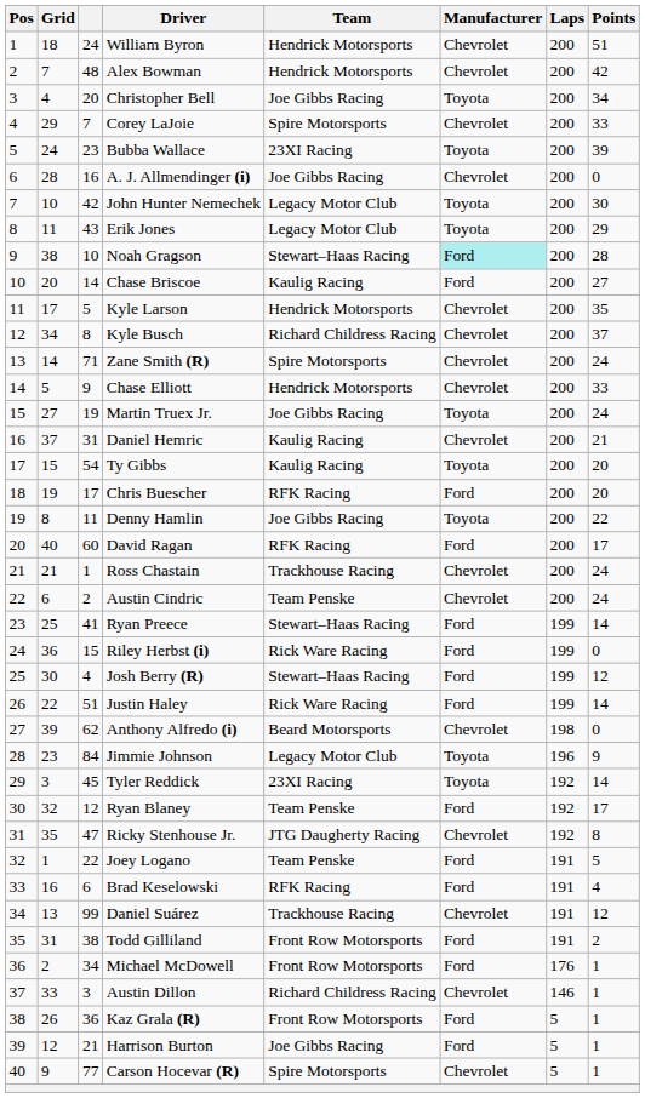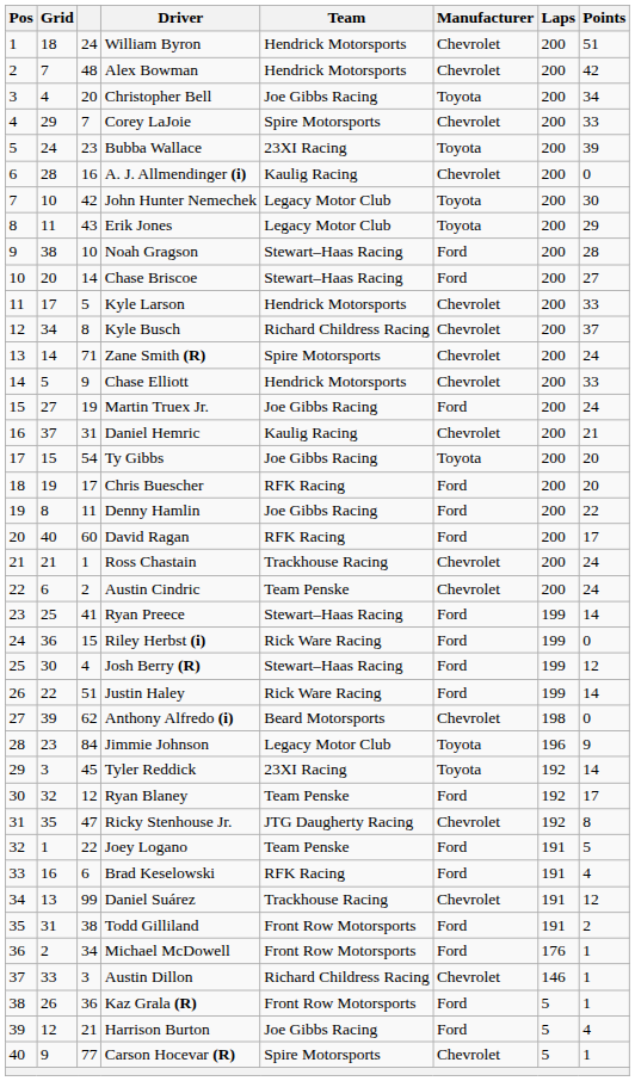 <table class="wikitable" style="font-size:98%">
 <tr>
 <th>Pos</th>
 <th>Grid</th>
 <th></th>
 <th>Driver</th>
 <th>Team</th>
 <th>Manufacturer</th>
 <th>Laps</th>
 <th>Points</th>
 </tr>
 <tr>
 <td>1</td>
 <td>18</td>
 <td>24</td>
 <td>William Byron</td>
 <td>Hendrick Motorsports</td>
 <td>Chevrolet</td>
 <td>200</td>
 <td>51</td>
 </tr>
 <tr>
 <td>2</td>
 <td>7</td>
 <td>48</td>
 <td>Alex Bowman</td>
 <td>Hendrick Motorsports</td>
 <td>Chevrolet</td>
 <td>200</td>
 <td>42</td>
 </tr>
 <tr>
 <td>3</td>
 <td>4</td>
 <td>20</td>
 <td>Christopher Bell</td>
 <td>Joe Gibbs Racing</td>
 <td>Toyota</td>
 <td>200</td>
 <td>34</td>
 </tr>
 <tr>
 <td>4</td>
 <td>29</td>
 <td>7</td>
 <td>Corey LaJoie</td>
 <td>Spire Motorsports</td>
 <td>Chevrolet</td>
 <td>200</td>
 <td>33</td>
 </tr>
 <tr>
 <td>5</td>
 <td>24</td>
 <td>23</td>
 <td>Bubba Wallace</td>
 <td>23XI Racing</td>
 <td>Toyota</td>
 <td>200</td>
 <td>39</td>
 </tr>
 <tr>
 <td>6</td>
 <td>28</td>
 <td>16</td>
 <td>A. J. Allmendinger <strong>(i)</strong></td>
-<td>Joe Gibbs Racing</td>
+<td>Kaulig Racing</td>
 <td>Chevrolet</td>
 <td>200</td>
 <td>0</td>
 </tr>
 <tr>
 <td>7</td>
 <td>10</td>
 <td>42</td>
 <td>John Hunter Nemechek</td>
 <td>Legacy Motor Club</td>
 <td>Toyota</td>
 <td>200</td>
 <td>30</td>
 </tr>
 <tr>
 <td>8</td>
 <td>11</td>
 <td>43</td>
 <td>Erik Jones</td>
 <td>Legacy Motor Club</td>
 <td>Toyota</td>
 <td>200</td>
 <td>29</td>
 </tr>
 <tr>
 <td>9</td>
 <td>38</td>
 <td>10</td>
 <td>Noah Gragson</td>
 <td>Stewart–Haas Racing</td>
-<td style="background: paleturquoise;">Ford</td>
+<td>Ford</td>
 <td>200</td>
 <td>28</td>
 </tr>
 <tr>
 <td>10</td>
 <td>20</td>
 <td>14</td>
 <td>Chase Briscoe</td>
-<td>Kaulig Racing</td>
+<td>Stewart–Haas Racing</td>
 <td>Ford</td>
 <td>200</td>
 <td>27</td>
 </tr>
 <tr>
 <td>11</td>
 <td>17</td>
 <td>5</td>
 <td>Kyle Larson</td>
 <td>Hendrick Motorsports</td>
 <td>Chevrolet</td>
 <td>200</td>
-<td>35</td>
+<td>33</td>
 </tr>
 <tr>
 <td>12</td>
 <td>34</td>
 <td>8</td>
 <td>Kyle Busch</td>
 <td>Richard Childress Racing</td>
 <td>Chevrolet</td>
 <td>200</td>
 <td>37</td>
 </tr>
 <tr>
 <td>13</td>
 <td>14</td>
 <td>71</td>
 <td>Zane Smith <strong>(R)</strong></td>
 <td>Spire Motorsports</td>
 <td>Chevrolet</td>
 <td>200</td>
 <td>24</td>
 </tr>
 <tr>
 <td>14</td>
 <td>5</td>
 <td>9</td>
 <td>Chase Elliott</td>
 <td>Hendrick Motorsports</td>
 <td>Chevrolet</td>
 <td>200</td>
 <td>33</td>
 </tr>
 <tr>
 <td>15</td>
 <td>27</td>
 <td>19</td>
 <td>Martin Truex Jr.</td>
 <td>Joe Gibbs Racing</td>
-<td>Toyota</td>
+<td>Ford</td>
 <td>200</td>
 <td>24</td>
 </tr>
 <tr>
 <td>16</td>
 <td>37</td>
 <td>31</td>
 <td>Daniel Hemric</td>
 <td>Kaulig Racing</td>
 <td>Chevrolet</td>
 <td>200</td>
 <td>21</td>
 </tr>
 <tr>
 <td>17</td>
 <td>15</td>
 <td>54</td>
 <td>Ty Gibbs</td>
-<td>Kaulig Racing</td>
+<td>Joe Gibbs Racing</td>
 <td>Toyota</td>
 <td>200</td>
 <td>20</td>
 </tr>
 <tr>
 <td>18</td>
 <td>19</td>
 <td>17</td>
 <td>Chris Buescher</td>
 <td>RFK Racing</td>
 <td>Ford</td>
 <td>200</td>
 <td>20</td>
 </tr>
 <tr>
 <td>19</td>
 <td>8</td>
 <td>11</td>
 <td>Denny Hamlin</td>
 <td>Joe Gibbs Racing</td>
-<td>Toyota</td>
+<td>Ford</td>
 <td>200</td>
 <td>22</td>
 </tr>
 <tr>
 <td>20</td>
 <td>40</td>
 <td>60</td>
 <td>David Ragan</td>
 <td>RFK Racing</td>
 <td>Ford</td>
 <td>200</td>
 <td>17</td>
 </tr>
 <tr>
 <td>21</td>
 <td>21</td>
 <td>1</td>
 <td>Ross Chastain</td>
 <td>Trackhouse Racing</td>
 <td>Chevrolet</td>
 <td>200</td>
 <td>24</td>
 </tr>
 <tr>
 <td>22</td>
 <td>6</td>
 <td>2</td>
 <td>Austin Cindric</td>
 <td>Team Penske</td>
 <td>Chevrolet</td>
 <td>200</td>
 <td>24</td>
 </tr>
 <tr>
 <td>23</td>
 <td>25</td>
 <td>41</td>
 <td>Ryan Preece</td>
 <td>Stewart–Haas Racing</td>
 <td>Ford</td>
 <td>199</td>
 <td>14</td>
 </tr>
 <tr>
 <td>24</td>
 <td>36</td>
 <td>15</td>
 <td>Riley Herbst <strong>(i)</strong></td>
 <td>Rick Ware Racing</td>
 <td>Ford</td>
 <td>199</td>
 <td>0</td>
 </tr>
 <tr>
 <td>25</td>
 <td>30</td>
 <td>4</td>
 <td>Josh Berry <strong>(R)</strong></td>
 <td>Stewart–Haas Racing</td>
 <td>Ford</td>
 <td>199</td>
 <td>12</td>
 </tr>
 <tr>
 <td>26</td>
 <td>22</td>
 <td>51</td>
 <td>Justin Haley</td>
 <td>Rick Ware Racing</td>
 <td>Ford</td>
 <td>199</td>
 <td>14</td>
 </tr>
 <tr>
 <td>27</td>
 <td>39</td>
 <td>62</td>
 <td>Anthony Alfredo <strong>(i)</strong></td>
 <td>Beard Motorsports</td>
 <td>Chevrolet</td>
 <td>198</td>
 <td>0</td>
 </tr>
 <tr>
 <td>28</td>
 <td>23</td>
 <td>84</td>
 <td>Jimmie Johnson</td>
 <td>Legacy Motor Club</td>
 <td>Toyota</td>
 <td>196</td>
 <td>9</td>
 </tr>
 <tr>
 <td>29</td>
 <td>3</td>
 <td>45</td>
 <td>Tyler Reddick</td>
 <td>23XI Racing</td>
 <td>Toyota</td>
 <td>192</td>
 <td>14</td>
 </tr>
 <tr>
 <td>30</td>
 <td>32</td>
 <td>12</td>
 <td>Ryan Blaney</td>
 <td>Team Penske</td>
 <td>Ford</td>
 <td>192</td>
 <td>17</td>
 </tr>
 <tr>
 <td>31</td>
 <td>35</td>
 <td>47</td>
 <td>Ricky Stenhouse Jr.</td>
 <td>JTG Daugherty Racing</td>
 <td>Chevrolet</td>
 <td>192</td>
 <td>8</td>
 </tr>
 <tr>
 <td>32</td>
 <td>1</td>
 <td>22</td>
 <td>Joey Logano</td>
 <td>Team Penske</td>
 <td>Ford</td>
 <td>191</td>
 <td>5</td>
 </tr>
 <tr>
 <td>33</td>
 <td>16</td>
 <td>6</td>
 <td>Brad Keselowski</td>
 <td>RFK Racing</td>
 <td>Ford</td>
 <td>191</td>
 <td>4</td>
 </tr>
 <tr>
 <td>34</td>
 <td>13</td>
 <td>99</td>
 <td>Daniel Suárez</td>
 <td>Trackhouse Racing</td>
 <td>Chevrolet</td>
 <td>191</td>
 <td>12</td>
 </tr>
 <tr>
 <td>35</td>
 <td>31</td>
 <td>38</td>
 <td>Todd Gilliland</td>
 <td>Front Row Motorsports</td>
 <td>Ford</td>
 <td>191</td>
 <td>2</td>
 </tr>
 <tr>
 <td>36</td>
 <td>2</td>
 <td>34</td>
 <td>Michael McDowell</td>
 <td>Front Row Motorsports</td>
 <td>Ford</td>
 <td>176</td>
 <td>1</td>
 </tr>
 <tr>
 <td>37</td>
 <td>33</td>
 <td>3</td>
 <td>Austin Dillon</td>
 <td>Richard Childress Racing</td>
 <td>Chevrolet</td>
 <td>146</td>
 <td>1</td>
 </tr>
 <tr>
 <td>38</td>
 <td>26</td>
 <td>36</td>
 <td>Kaz Grala <strong>(R)</strong></td>
 <td>Front Row Motorsports</td>
 <td>Ford</td>
 <td>5</td>
 <td>1</td>
 </tr>
 <tr>
 <td>39</td>
 <td>12</td>
 <td>21</td>
 <td>Harrison Burton</td>
 <td>Joe Gibbs Racing</td>
 <td>Ford</td>
 <td>5</td>
-<td>1</td>
+<td>4</td>
 </tr>
 <tr>
 <td>40</td>
 <td>9</td>
 <td>77</td>
 <td>Carson Hocevar <strong>(R)</strong></td>
 <td>Spire Motorsports</td>
 <td>Chevrolet</td>
 <td>5</td>
 <td>1</td>
 </tr>
 <tr>
 <th colspan="8"></th>
 </tr>
 </table>
